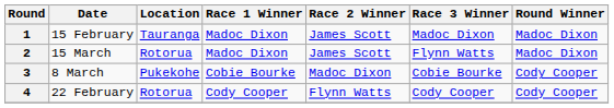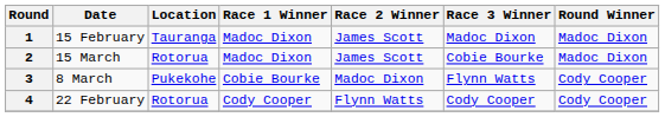 <table class="wikitable" style="font-size: 85%;">
 <tr>
 <th>Round</th>
 <th>Date</th>
 <th>Location</th>
 <th>Race 1 Winner</th>
 <th>Race 2 Winner</th>
 <th>Race 3 Winner</th>
 <th>Round Winner</th>
 </tr>
 <tr>
 <th>1</th>
 <td>15 February</td>
 <td><a href='#'>Tauranga</a></td>
 <td> <a href='#'>Madoc Dixon</a></td>
 <td> <a href='#'>James Scott</a></td>
 <td> <a href='#'>Madoc Dixon</a></td>
 <td> <a href='#'>Madoc Dixon</a></td>
 </tr>
 <tr>
 <th>2</th>
 <td>15 March</td>
 <td><a href='#'>Rotorua</a></td>
 <td> <a href='#'>Madoc Dixon</a></td>
 <td> <a href='#'>James Scott</a></td>
-<td> <a href='#'>Flynn Watts</a></td>
+<td> <a href='#'>Cobie Bourke</a></td>
 <td> <a href='#'>Madoc Dixon</a></td>
 </tr>
 <tr>
 <th>3</th>
 <td>8 March</td>
 <td><a href='#'>Pukekohe</a></td>
 <td> <a href='#'>Cobie Bourke</a></td>
 <td> <a href='#'>Madoc Dixon</a></td>
-<td> <a href='#'>Cobie Bourke</a></td>
+<td> <a href='#'>Flynn Watts</a></td>
 <td> <a href='#'>Cody Cooper</a></td>
 </tr>
 <tr>
 <th>4</th>
 <td>22 February</td>
 <td><a href='#'>Rotorua</a></td>
 <td> <a href='#'>Cody Cooper</a></td>
 <td> <a href='#'>Flynn Watts</a></td>
 <td> <a href='#'>Cody Cooper</a></td>
 <td> <a href='#'>Cody Cooper</a></td>
 </tr>
 <tr>
 </tr>
 </table>
